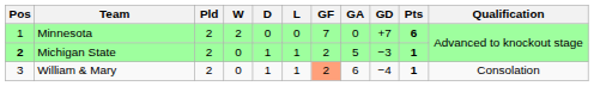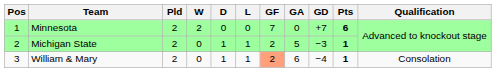 <table class="wikitable" style="text-align:center; margin: 1em auto">
 <tr>
 <th style=width:2em>Pos</th>
 <th style=width:13em>Team</th>
 <th style=width:2em>Pld</th>
 <th style=width:2em>W</th>
 <th style=width:2em>D</th>
 <th style=width:2em>L</th>
 <th style=width:2em>GF</th>
 <th style=width:2em>GA</th>
 <th style=width:2em>GD</th>
 <th style=width:2em>Pts</th>
 <th style=width:13em>Qualification</th>
 </tr>
 <tr bgcolor="#9eff9e">
 <td>1</td>
 <td style="text-align:left">Minnesota</td>
 <td>2</td>
 <td>2</td>
 <td>0</td>
 <td>0</td>
 <td>7</td>
 <td>0</td>
 <td>+7</td>
 <td><strong>6</strong></td>
 <td rowspan="2">Advanced to knockout stage</td>
 </tr>
 <tr bgcolor="#9eff9e">
-<td><strong>2</strong></td>
+<td>2</td>
 <td style="text-align:left">Michigan State</td>
 <td>2</td>
 <td>0</td>
 <td>1</td>
 <td>1</td>
 <td>2</td>
 <td>5</td>
 <td>−3</td>
 <td><strong>1</strong></td>
 </tr>
 <tr>
 <td>3</td>
 <td style="text-align:left">William & Mary</td>
 <td>2</td>
 <td>0</td>
 <td>1</td>
 <td>1</td>
 <td style="background: lightsalmon;">2</td>
 <td>6</td>
 <td>−4</td>
 <td><strong>1</strong></td>
 <td>Consolation</td>
 </tr>
 </table>
